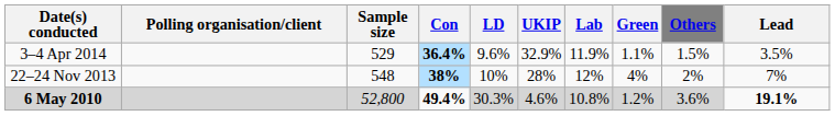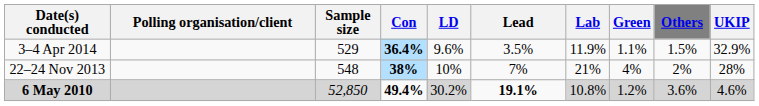 <table class="wikitable sortable" style="text-align:center;font-size:90%;line-height:14px">
 <tr>
 <th ! style="width:100px;">Date(s)<br>conducted</th>
 <th style="width:200px;">Polling organisation/client</th>
 <th class="unsortable" style="width:60px;">Sample size</th>
 <th class="unsortable" style="background:"><a href='#'><span>Con</span></a></th>
 <th class="unsortable" style="background:"><a href='#'><span>LD</span></a></th>
-<th class="unsortable" style="background:"><a href='#'><span>UKIP</span></a></th>
+<th class="unsortable" style="width:90px;">Lead</th>
 <th class="unsortable" style="background:"><a href='#'><span>Lab</span></a></th>
 <th class="unsortable" style="background:"><a href='#'><span>Green</span></a></th>
 <th class="unsortable" style="background:gray; width:50px;"><a href='#'><span>Others</span></a></th>
-<th class="unsortable" style="width:90px;">Lead</th>
+<th class="unsortable" style="background:"><a href='#'><span>UKIP</span></a></th>
 </tr>
 <tr>
 <td>3–4 Apr 2014</td>
 <td></td>
 <td>529</td>
 <td style="background:#B3E0FF"><strong>36.4%</strong></td>
 <td>9.6%</td>
-<td>32.9%</td>
+<td style="background:">3.5%</td>
 <td>11.9%</td>
 <td>1.1%</td>
 <td>1.5%</td>
-<td style="background:">3.5%</td>
+<td>32.9%</td>
 </tr>
 <tr>
 <td>22–24 Nov 2013</td>
 <td></td>
 <td>548</td>
 <td style="background:#B3E0FF"><strong>38%</strong></td>
 <td>10%</td>
-<td>28%</td>
-<td>12%</td>
+<td style="background:">7%</td>
+<td>21%</td>
 <td>4%</td>
 <td>2%</td>
-<td style="background:">7%</td>
+<td>28%</td>
 </tr>
 <tr>
 <td style="background:#D5D5D5"><strong>6 May 2010</strong></td>
 <td style="background:#D5D5D5"></td>
-<td style="background:#D5D5D5"><em>52,800</em></td>
+<td style="background:#D5D5D5"><em>52,850</em></td>
 <td style="background:"><strong>49.4%</strong></td>
-<td style="background:#D5D5D5">30.3%</td>
-<td style="background:#D5D5D5">4.6%</td>
+<td style="background:#D5D5D5">30.2%</td>
+<td style="background:"><strong>19.1% </strong></td>
 <td style="background:#D5D5D5">10.8%</td>
 <td style="background:#D5D5D5">1.2%</td>
 <td style="background:#D5D5D5">3.6%</td>
-<td style="background:"><strong>19.1% </strong></td>
+<td style="background:#D5D5D5">4.6%</td>
 </tr>
 </table>
